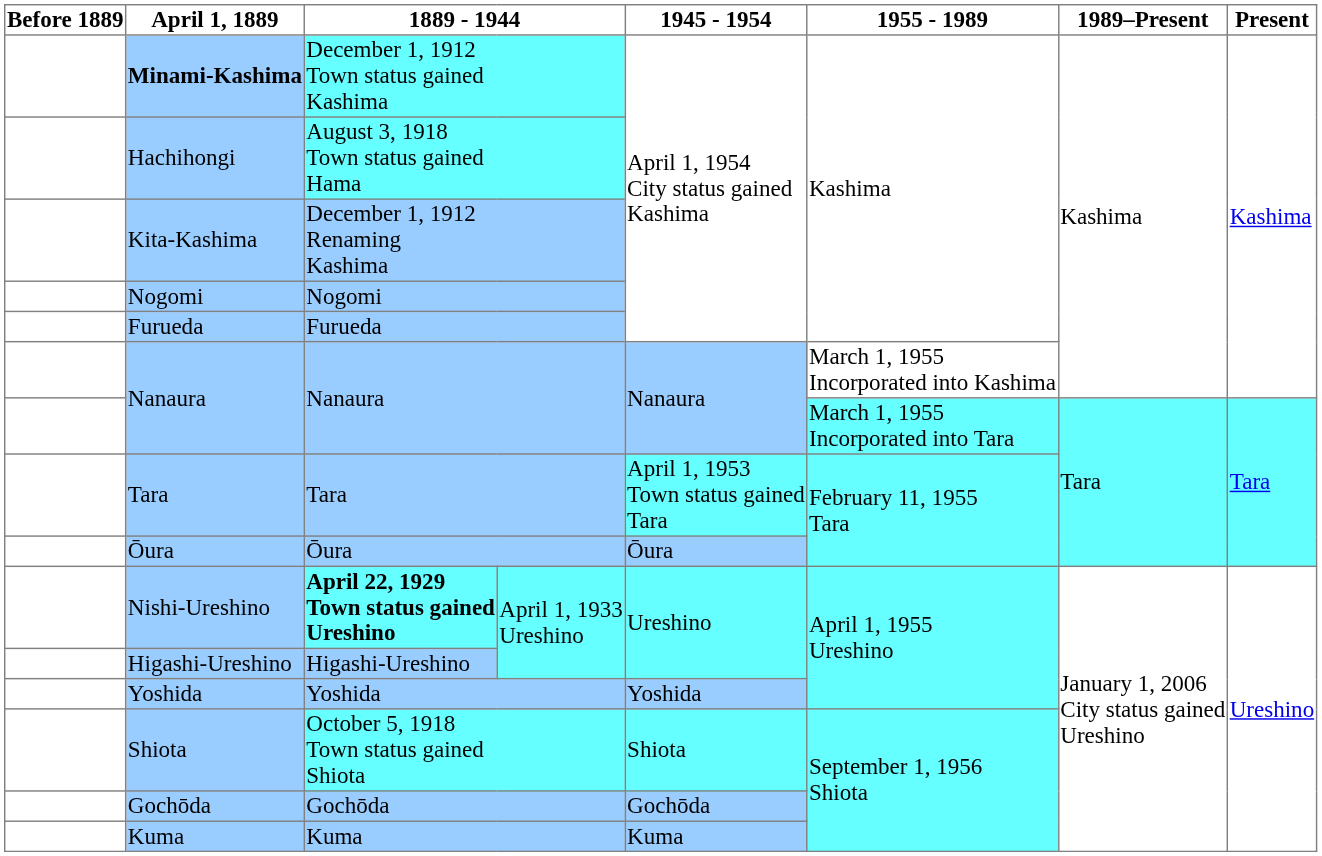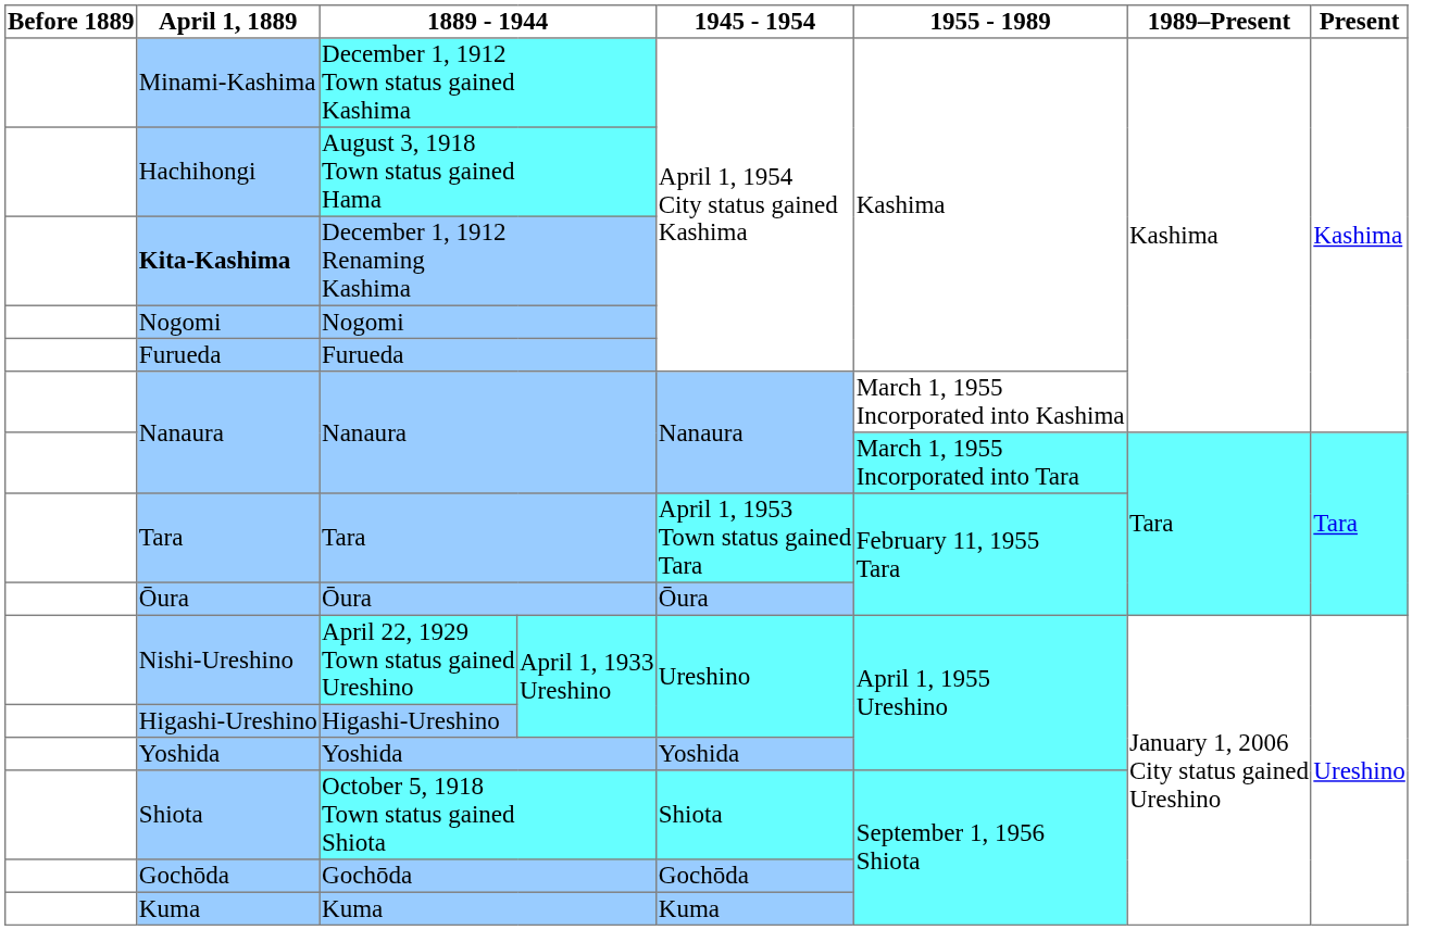 <table border="1" cellspacing="0" style="border-collapse:collapse" style="font-size:x-small">
 <tr>
 <th>Before 1889</th>
 <th>April 1, 1889</th>
 <th colspan="2">1889 - 1944</th>
 <th>1945 - 1954</th>
 <th>1955 - 1989</th>
 <th>1989–Present</th>
 <th>Present</th>
 </tr>
 <tr>
 <th><br></th>
-<td bgcolor="#99CCFF"><strong>Minami-Kashima</strong></td>
+<td bgcolor="#99CCFF">Minami-Kashima</td>
 <td colspan="2" bgcolor="#66FFFF">December 1, 1912<br>Town status gained<br>Kashima</td>
 <td rowspan="5">April 1, 1954<br>City status gained<br>Kashima</td>
 <td rowspan="5">Kashima</td>
 <td rowspan="6">Kashima</td>
 <td rowspan="6"><a href='#'>Kashima</a></td>
 </tr>
 <tr>
 <th><br></th>
 <td bgcolor="#99CCFF">Hachihongi</td>
 <td colspan="2" bgcolor="#66FFFF">August 3, 1918<br>Town status gained<br>Hama</td>
 </tr>
 <tr>
 <th><br></th>
-<td bgcolor="#99CCFF">Kita-Kashima</td>
+<td bgcolor="#99CCFF"><strong>Kita-Kashima</strong></td>
 <td colspan="2" bgcolor="#99CCFF">December 1, 1912<br>Renaming<br>Kashima</td>
 </tr>
 <tr>
 <th><br></th>
 <td bgcolor="#99CCFF">Nogomi</td>
 <td colspan="2" bgcolor="#99CCFF">Nogomi</td>
 </tr>
 <tr>
 <th><br></th>
 <td bgcolor="#99CCFF">Furueda</td>
 <td colspan="2" bgcolor="#99CCFF">Furueda</td>
 </tr>
 <tr>
 <th><br></th>
 <td rowspan="2" bgcolor="#99CCFF">Nanaura</td>
 <td rowspan="2" colspan="2" bgcolor="#99CCFF">Nanaura</td>
 <td rowspan="2" bgcolor="#99CCFF">Nanaura</td>
 <td>March 1, 1955<br>Incorporated into Kashima</td>
 </tr>
 <tr>
 <th><br></th>
 <td bgcolor="#66FFFF">March 1, 1955<br>Incorporated into Tara</td>
 <td rowspan="3" bgcolor="#66FFFF">Tara</td>
 <td rowspan="3" bgcolor="#66FFFF"><a href='#'>Tara</a></td>
 </tr>
 <tr>
 <th><br></th>
 <td bgcolor="#99CCFF">Tara</td>
 <td colspan="2" bgcolor="#99CCFF">Tara</td>
 <td bgcolor="#66FFFF">April 1, 1953<br>Town status gained<br>Tara</td>
 <td rowspan="2" bgcolor="#66FFFF">February 11, 1955<br>Tara</td>
 </tr>
 <tr>
 <th><br></th>
 <td bgcolor="#99CCFF">Ōura</td>
 <td colspan="2" bgcolor="#99CCFF">Ōura</td>
 <td bgcolor="#99CCFF">Ōura</td>
 </tr>
 <tr>
 <th><br></th>
 <td bgcolor="#99CCFF">Nishi-Ureshino</td>
-<td bgcolor="#66FFFF"><strong>April 22, 1929<br>Town status gained<br>Ureshino</strong></td>
+<td bgcolor="#66FFFF">April 22, 1929<br>Town status gained<br>Ureshino</td>
 <td rowspan="2" bgcolor="#66FFFF">April 1, 1933<br>Ureshino</td>
 <td rowspan="2" bgcolor="#66FFFF">Ureshino</td>
 <td rowspan="3" bgcolor="#66FFFF">April 1, 1955<br>Ureshino</td>
 <td rowspan="6">January 1, 2006<br>City status gained<br>Ureshino</td>
 <td rowspan="6"><a href='#'>Ureshino</a></td>
 </tr>
 <tr>
 <th><br></th>
 <td bgcolor="#99CCFF">Higashi-Ureshino</td>
 <td bgcolor="#99CCFF">Higashi-Ureshino</td>
 </tr>
 <tr>
 <th><br></th>
 <td bgcolor="#99CCFF">Yoshida</td>
 <td colspan="2" bgcolor="#99CCFF">Yoshida</td>
 <td bgcolor="#99CCFF">Yoshida</td>
 </tr>
 <tr>
 <th><br></th>
 <td bgcolor="#99CCFF">Shiota</td>
 <td colspan="2" bgcolor="#66FFFF">October 5, 1918<br>Town status gained<br>Shiota</td>
 <td bgcolor="#66FFFF">Shiota</td>
 <td rowspan="3" bgcolor="#66FFFF">September 1, 1956<br>Shiota</td>
 </tr>
 <tr>
 <th><br></th>
 <td bgcolor="#99CCFF">Gochōda</td>
 <td colspan="2" bgcolor="#99CCFF">Gochōda</td>
 <td bgcolor="#99CCFF">Gochōda</td>
 </tr>
 <tr>
 <th><br></th>
 <td bgcolor="#99CCFF">Kuma</td>
 <td colspan="2" bgcolor="#99CCFF">Kuma</td>
 <td bgcolor="#99CCFF">Kuma</td>
 </tr>
 </table>
